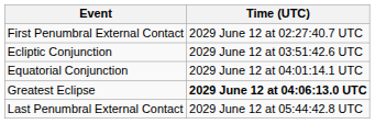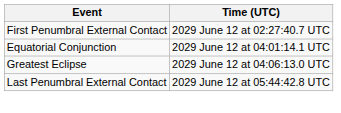 <table class="wikitable">
 <tr>
 <th>Event</th>
 <th>Time (UTC)</th>
 </tr>
 <tr>
 <td>First Penumbral External Contact</td>
 <td>2029 June 12 at 02:27:40.7 UTC</td>
 </tr>
 <tr>
-<td>Ecliptic Conjunction</td>
-<td>2029 June 12 at 03:51:42.6 UTC</td>
-</tr>
-<tr>
 <td>Equatorial Conjunction</td>
 <td>2029 June 12 at 04:01:14.1 UTC</td>
 </tr>
 <tr>
 <td>Greatest Eclipse</td>
-<td><strong>2029 June 12 at 04:06:13.0 UTC</strong></td>
+<td>2029 June 12 at 04:06:13.0 UTC</td>
 </tr>
 <tr>
 <td>Last Penumbral External Contact</td>
 <td>2029 June 12 at 05:44:42.8 UTC</td>
 </tr>
 </table>
